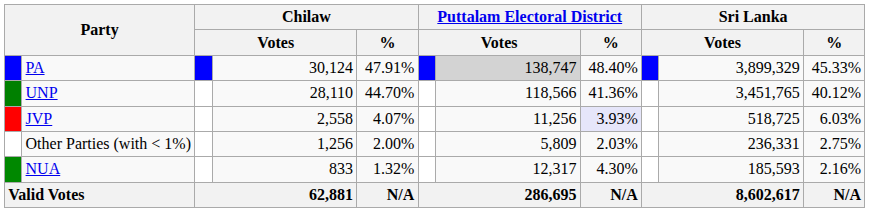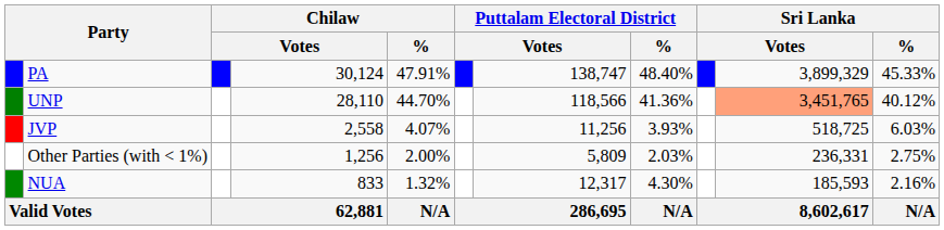 <table class="wikitable">
 <tr>
 <th colspan="2" width="144px"rowspan="2">Party</th>
 <th colspan="3" width="216px">Chilaw</th>
 <th colspan="3" width="216px"><a href='#'>Puttalam Electoral District</a></th>
 <th colspan="3" width="216px">Sri Lanka</th>
 </tr>
 <tr>
 <th colspan="2" width="144px">Votes</th>
 <th>%</th>
 <th colspan="2" width="144px">Votes</th>
 <th>%</th>
 <th colspan="2" width="144px">Votes</th>
 <th>%</th>
 </tr>
 <tr>
 <td style="background-color:blue;" width="10px"></td>
 <td style="text-align:left;"><a href='#'>PA</a></td>
 <td style="background-color:blue;" width="10px"></td>
 <td style="text-align:right;">30,124</td>
 <td style="text-align:right;">47.91%</td>
 <td style="background-color:blue;" width="10px"></td>
-<td style="background: lightgrey; text-align:right;">138,747</td>
+<td style="text-align:right;">138,747</td>
 <td style="text-align:right;">48.40%</td>
 <td style="background-color:blue;" width="10px"></td>
 <td style="text-align:right;">3,899,329</td>
 <td style="text-align:right;">45.33%</td>
 </tr>
 <tr>
 <td style="background-color:green;" width="10px"></td>
 <td style="text-align:left;"><a href='#'>UNP</a></td>
 <td style="background-color:white;" width="10px"></td>
 <td style="text-align:right;">28,110</td>
 <td style="text-align:right;">44.70%</td>
 <td style="background-color:white;" width="10px"></td>
 <td style="text-align:right;">118,566</td>
 <td style="text-align:right;">41.36%</td>
 <td style="background-color:white;" width="10px"></td>
-<td style="text-align:right;">3,451,765</td>
+<td style="background: lightsalmon; text-align:right;">3,451,765</td>
 <td style="text-align:right;">40.12%</td>
 </tr>
 <tr>
 <td style="background-color:red;" width="10px"></td>
 <td style="text-align:left;"><a href='#'>JVP</a></td>
 <td style="background-color:white;" width="10px"></td>
 <td style="text-align:right;">2,558</td>
 <td style="text-align:right;">4.07%</td>
 <td style="background-color:white;" width="10px"></td>
 <td style="text-align:right;">11,256</td>
-<td style="background: lavender; text-align:right;">3.93%</td>
+<td style="text-align:right;">3.93%</td>
 <td style="background-color:white;" width="10px"></td>
 <td style="text-align:right;">518,725</td>
 <td style="text-align:right;">6.03%</td>
 </tr>
 <tr>
 <td style="background-color:white;" width="10px"></td>
 <td style="text-align:left;">Other Parties (with < 1%)</td>
 <td style="background-color:white;" width="10px"></td>
 <td style="text-align:right;">1,256</td>
 <td style="text-align:right;">2.00%</td>
 <td style="background-color:white;" width="10px"></td>
 <td style="text-align:right;">5,809</td>
 <td style="text-align:right;">2.03%</td>
 <td style="background-color:white;" width="10px"></td>
 <td style="text-align:right;">236,331</td>
 <td style="text-align:right;">2.75%</td>
 </tr>
 <tr>
 <td style="background-color:#008800;" width="10px"></td>
 <td style="text-align:left;"><a href='#'>NUA</a></td>
 <td style="background-color:white;" width="10px"></td>
 <td style="text-align:right;">833</td>
 <td style="text-align:right;">1.32%</td>
 <td style="background-color:white;" width="10px"></td>
 <td style="text-align:right;">12,317</td>
 <td style="text-align:right;">4.30%</td>
 <td style="background-color:white;" width="10px"></td>
 <td style="text-align:right;">185,593</td>
 <td style="text-align:right;">2.16%</td>
 </tr>
 <tr>
 <th colspan="2" width="144px"style="text-align:left;">Valid Votes</th>
 <th style="text-align:right;"colspan="2" width="144px">62,881</th>
 <th style="text-align:right;">N/A</th>
 <th style="text-align:right;"colspan="2" width="144px">286,695</th>
 <th style="text-align:right;">N/A</th>
 <th style="text-align:right;"colspan="2" width="144px">8,602,617</th>
 <th style="text-align:right;">N/A</th>
 </tr>
 </table>
